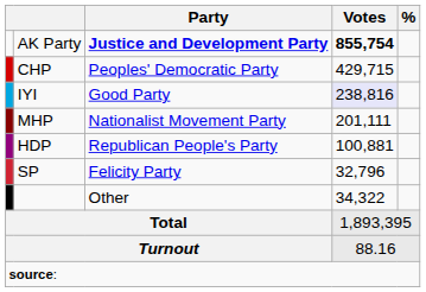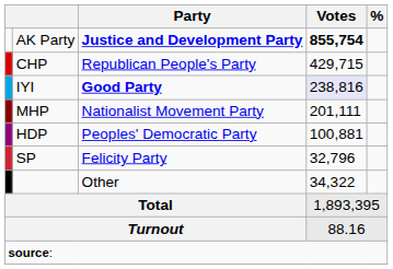 <table class="wikitable">
 <tr>
 <th colspan="2" align="center"></th>
 <th align="center">Party</th>
 <th align="center">Votes</th>
 <th align="center">%</th>
 </tr>
 <tr align="left">
 <td></td>
 <td>AK Party</td>
 <td><strong><a href='#'>Justice and Development Party</a></strong></td>
 <td><strong>855,754</strong></td>
 <td><strong></strong></td>
 </tr>
 <tr align="left">
 <td bgcolor="#d50000" width="1"></td>
 <td>CHP</td>
-<td><a href='#'>Peoples' Democratic Party</a></td>
+<td><a href='#'>Republican People's Party</a></td>
 <td>429,715</td>
 <td></td>
 </tr>
 <tr align="left">
 <td bgcolor="#01A7E1" width="1"></td>
 <td>IYI</td>
-<td><a href='#'>Good Party</a></td>
+<td><strong><a href='#'>Good Party</a></strong></td>
 <td style="background: lavender;">238,816</td>
 <td></td>
 </tr>
 <tr align="left">
 <td bgcolor="#870000" width="1"></td>
 <td>MHP</td>
 <td><a href='#'>Nationalist Movement Party</a></td>
 <td>201,111</td>
 <td></td>
 </tr>
 <tr align="left">
 <td bgcolor="#91007B" width="1"></td>
 <td>HDP</td>
-<td><a href='#'>Republican People's Party</a></td>
+<td><a href='#'>Peoples' Democratic Party</a></td>
 <td>100,881</td>
 <td></td>
 </tr>
 <tr align="left">
 <td bgcolor="#D02433" width="1"></td>
 <td>SP</td>
 <td><a href='#'>Felicity Party</a></td>
 <td>32,796</td>
 <td></td>
 </tr>
 <tr align="left">
 <td bgcolor=" " width="1"></td>
 <td></td>
 <td>Other</td>
 <td>34,322</td>
 <td></td>
 </tr>
 <tr align="left" style="background-color:#E9E9E9">
 <th colspan="3" align="center"><strong>Total</strong></th>
 <td colspan="5" align="center">1,893,395</td>
 </tr>
 <tr align="left" style="background-color:#E9E9E9">
 <th colspan="3" align="center"><em>Turnout</em></th>
 <td colspan="5" align="center">88.16</td>
 </tr>
 <tr>
 <td colspan="9" align="left"><small><strong>source</strong>: </small></td>
 </tr>
 </table>
